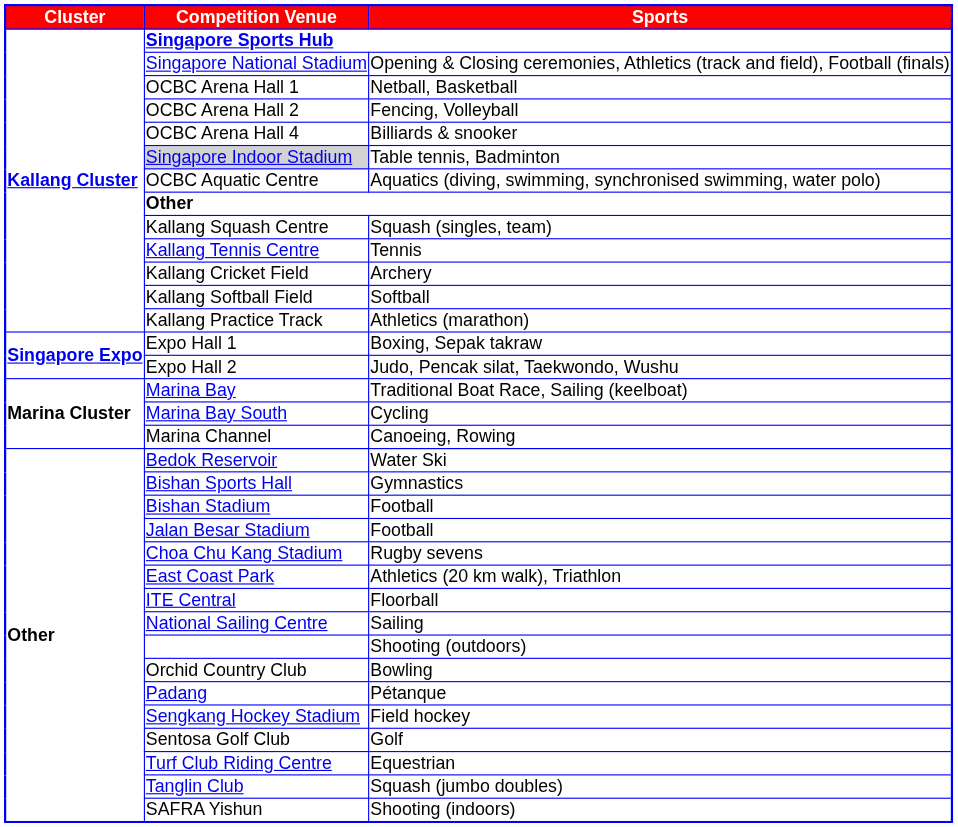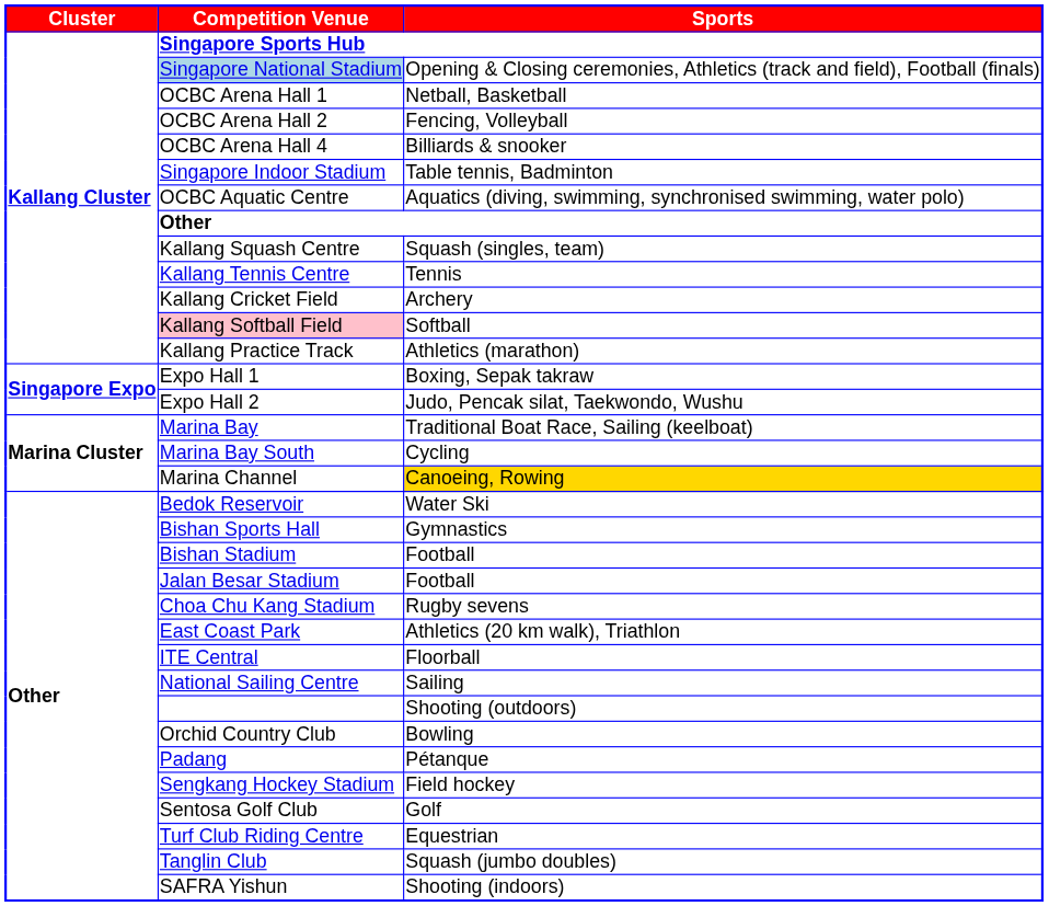 <table border=1 style="border-collapse:collapse; text-align:left; font-size:100%; border:2px solid blue;">
 <tr style="text-align:center; color:white; font-weight:bold; background:red;">
 <td>Cluster</td>
 <td>Competition Venue</td>
 <td>Sports</td>
 </tr>
 <tr>
 <th rowspan=13><a href='#'>Kallang Cluster</a></th>
 <th colspan=2><a href='#'>Singapore Sports Hub</a></th>
 </tr>
 <tr>
-<td><a href='#'>Singapore National Stadium</a></td>
+<td style="background: lightblue;"><a href='#'>Singapore National Stadium</a></td>
 <td>Opening & Closing ceremonies, Athletics (track and field), Football (finals)</td>
 </tr>
 <tr>
 <td>OCBC Arena Hall 1</td>
 <td>Netball, Basketball</td>
 </tr>
 <tr>
 <td>OCBC Arena Hall 2</td>
 <td>Fencing, Volleyball</td>
 </tr>
 <tr>
 <td>OCBC Arena Hall 4</td>
 <td>Billiards & snooker</td>
 </tr>
 <tr>
-<td style="background: lightgrey;"><a href='#'>Singapore Indoor Stadium</a></td>
+<td><a href='#'>Singapore Indoor Stadium</a></td>
 <td>Table tennis, Badminton</td>
 </tr>
 <tr>
 <td>OCBC Aquatic Centre</td>
 <td>Aquatics (diving, swimming, synchronised swimming, water polo)</td>
 </tr>
 <tr>
 <th colspan=2>Other</th>
 </tr>
 <tr>
 <td>Kallang Squash Centre</td>
 <td>Squash (singles, team)</td>
 </tr>
 <tr>
 <td><a href='#'>Kallang Tennis Centre</a></td>
 <td>Tennis</td>
 </tr>
 <tr>
 <td>Kallang Cricket Field</td>
 <td>Archery</td>
 </tr>
 <tr>
-<td>Kallang Softball Field</td>
+<td style="background: pink;">Kallang Softball Field</td>
 <td>Softball</td>
 </tr>
 <tr>
 <td>Kallang Practice Track</td>
 <td>Athletics (marathon)</td>
 </tr>
 <tr>
 <th rowspan=2><a href='#'>Singapore Expo</a></th>
 <td>Expo Hall 1</td>
 <td>Boxing, Sepak takraw</td>
 </tr>
 <tr>
 <td>Expo Hall 2</td>
 <td>Judo, Pencak silat, Taekwondo, Wushu</td>
 </tr>
 <tr>
 <th rowspan=3>Marina Cluster</th>
 <td><a href='#'>Marina Bay</a></td>
 <td>Traditional Boat Race, Sailing (keelboat)</td>
 </tr>
 <tr>
 <td><a href='#'>Marina Bay South</a></td>
 <td>Cycling</td>
 </tr>
 <tr>
 <td>Marina Channel</td>
-<td>Canoeing, Rowing</td>
+<td style="background: gold;">Canoeing, Rowing</td>
 </tr>
 <tr>
 <th rowspan=17>Other</th>
 </tr>
 <tr>
 <td><a href='#'>Bedok Reservoir</a></td>
 <td>Water Ski</td>
 </tr>
 <tr>
 <td><a href='#'>Bishan Sports Hall</a></td>
 <td>Gymnastics</td>
 </tr>
 <tr>
 <td><a href='#'>Bishan Stadium</a></td>
 <td>Football</td>
 </tr>
 <tr>
 <td><a href='#'>Jalan Besar Stadium</a></td>
 <td>Football</td>
 </tr>
 <tr>
 <td><a href='#'>Choa Chu Kang Stadium</a></td>
 <td>Rugby sevens</td>
 </tr>
 <tr>
 <td><a href='#'>East Coast Park</a></td>
 <td>Athletics (20 km walk), Triathlon</td>
 </tr>
 <tr>
 <td><a href='#'>ITE Central</a></td>
 <td>Floorball</td>
 </tr>
 <tr>
 <td><a href='#'>National Sailing Centre</a></td>
 <td>Sailing</td>
 </tr>
 <tr>
 <td></td>
 <td>Shooting (outdoors)</td>
 </tr>
 <tr>
 <td>Orchid Country Club</td>
 <td>Bowling</td>
 </tr>
 <tr>
 <td><a href='#'>Padang</a></td>
 <td>Pétanque</td>
 </tr>
 <tr>
 <td><a href='#'>Sengkang Hockey Stadium</a></td>
 <td>Field hockey</td>
 </tr>
 <tr>
 <td>Sentosa Golf Club</td>
 <td>Golf</td>
 </tr>
 <tr>
 <td><a href='#'>Turf Club Riding Centre</a></td>
 <td>Equestrian</td>
 </tr>
 <tr>
 <td><a href='#'>Tanglin Club</a></td>
 <td>Squash (jumbo doubles)</td>
 </tr>
 <tr>
 <td>SAFRA Yishun</td>
 <td>Shooting (indoors)</td>
 </tr>
 </table>
